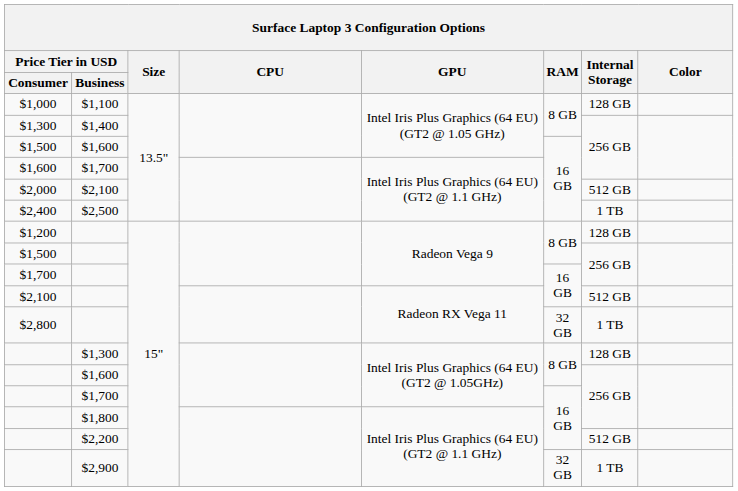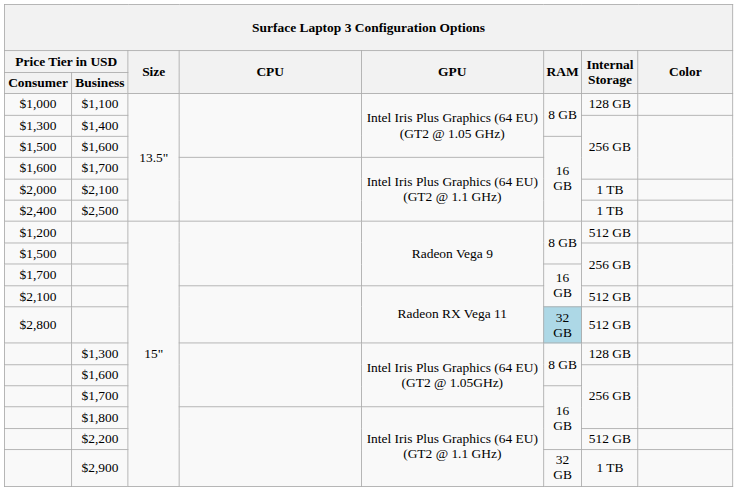 <table class="wikitable sortable" style="text-align:center;" align="center" text-align="center">
 <tr>
 <th colspan="8" style=" height:3em;">Surface Laptop 3 Configuration Options </th>
 </tr>
 <tr>
 <th colspan="2" width="17%">Price Tier in USD</th>
 <th rowspan="2" width="07%">Size</th>
 <th rowspan="2" width="25%">CPU</th>
 <th rowspan="2" width="25%">GPU</th>
 <th rowspan="2">RAM</th>
 <th rowspan="2">Internal Storage</th>
 <th rowspan="2" width="13%">Color</th>
 </tr>
 <tr>
 <th>Consumer</th>
 <th>Business</th>
 </tr>
 <tr>
 <td>$1,000</td>
 <td>$1,100</td>
 <td rowspan="6">13.5"</td>
 <td rowspan="3"></td>
 <td rowspan="3">Intel Iris Plus Graphics (64 EU)<br> (GT2 @ 1.05 GHz)</td>
 <td rowspan="2">8 GB</td>
 <td>128 GB</td>
 <td align="left"></td>
 </tr>
 <tr>
 <td>$1,300</td>
 <td>$1,400</td>
 <td rowspan="3">256 GB</td>
 <td align="left" rowspan="3">   </td>
 </tr>
 <tr>
 <td>$1,500</td>
 <td>$1,600</td>
 <td rowspan="4">16 GB</td>
 </tr>
 <tr>
 <td>$1,600</td>
 <td>$1,700</td>
 <td rowspan="3"></td>
 <td rowspan="3">Intel Iris Plus Graphics (64 EU)<br> (GT2 @ 1.1 GHz)</td>
 </tr>
 <tr>
 <td>$2,000</td>
 <td>$2,100</td>
-<td>512 GB</td>
+<td>1 TB</td>
 <td align="left">   </td>
 </tr>
 <tr>
 <td>$2,400</td>
 <td>$2,500</td>
 <td>1 TB</td>
 <td align="left">   </td>
 </tr>
 <tr>
 <td>$1,200</td>
 <td></td>
 <td rowspan="11">15"</td>
 <td rowspan="3"></td>
 <td rowspan="3">Radeon Vega 9</td>
 <td rowspan="2">8 GB</td>
-<td>128 GB</td>
+<td>512 GB</td>
 <td align="left"></td>
 </tr>
 <tr>
 <td>$1,500</td>
 <td></td>
 <td rowspan="2">256 GB</td>
 <td align="left" rowspan="2"> </td>
 </tr>
 <tr>
 <td>$1,700</td>
 <td></td>
 <td rowspan="2">16 GB</td>
 </tr>
 <tr>
 <td>$2,100</td>
 <td></td>
 <td rowspan="2"></td>
 <td rowspan="2">Radeon RX Vega 11</td>
 <td>512 GB</td>
 <td align="left"> </td>
 </tr>
 <tr>
 <td>$2,800</td>
 <td></td>
-<td>32 GB</td>
-<td>1 TB</td>
+<td style="background: lightblue;">32 GB</td>
+<td>512 GB</td>
 <td align="left"> </td>
 </tr>
 <tr>
 <td></td>
 <td>$1,300</td>
 <td rowspan="3"></td>
 <td rowspan="3">Intel Iris Plus Graphics (64 EU)<br> (GT2 @ 1.05GHz)</td>
 <td rowspan="2">8 GB</td>
 <td>128 GB</td>
 <td align="left"></td>
 </tr>
 <tr>
 <td></td>
 <td>$1,600</td>
 <td rowspan="3">256 GB</td>
 <td align="left" rowspan="3"> </td>
 </tr>
 <tr>
 <td></td>
 <td>$1,700</td>
 <td rowspan="3">16 GB</td>
 </tr>
 <tr>
 <td></td>
 <td>$1,800</td>
 <td rowspan="3"></td>
 <td rowspan="3">Intel Iris Plus Graphics (64 EU)<br> (GT2 @ 1.1 GHz)</td>
 </tr>
 <tr>
 <td></td>
 <td>$2,200</td>
 <td>512 GB</td>
 <td align="left"> </td>
 </tr>
 <tr>
 <td></td>
 <td>$2,900</td>
 <td>32 GB</td>
 <td>1 TB</td>
 <td align="left"></td>
 </tr>
 </table>
